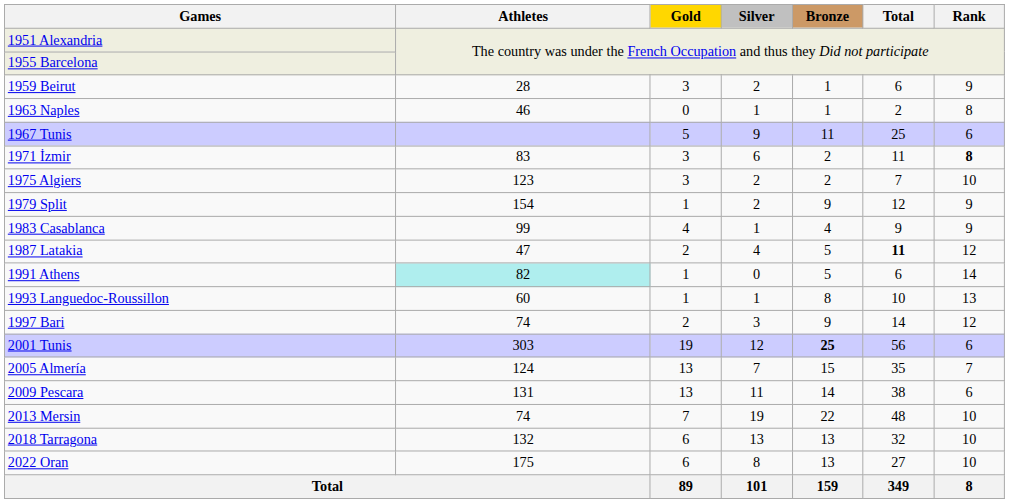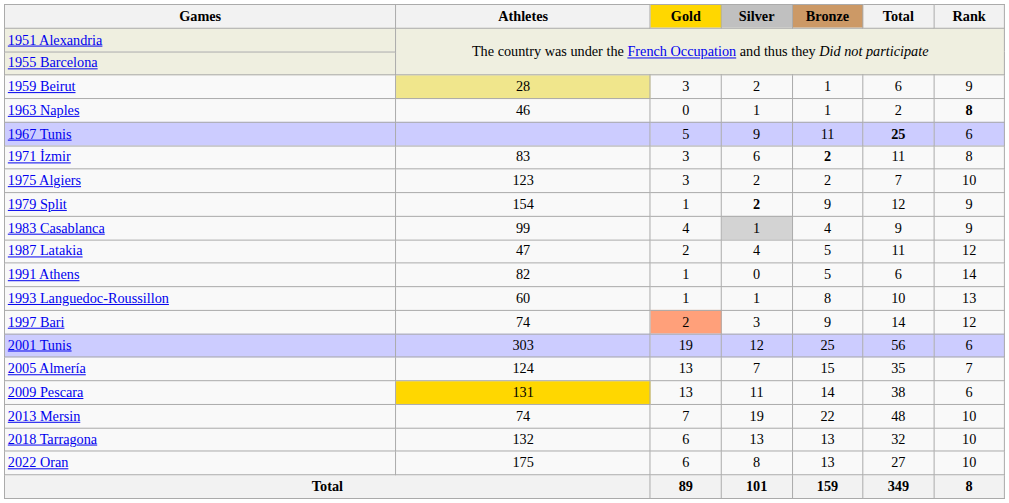 <table class="wikitable" width=80% style="font-size:90%; text-align:center;">
 <tr>
 <th>Games</th>
 <th>Athletes</th>
 <td style="background:gold; width:4.5em; font-weight:bold;">Gold</td>
 <td style="background:silver; width:4.5em; font-weight:bold;">Silver</td>
 <td style="background:#cc9966; width:4.5em; font-weight:bold;">Bronze</td>
 <th style="width:4.5em; font-weight:bold;">Total</th>
 <th style="width:4.5em; font-weight:bold;">Rank</th>
 </tr>
 <tr bgcolor="efefe">
 <td align=left><a href='#'>1951 Alexandria</a></td>
 <td colspan=6; rowspan=2>The country was under the <a href='#'>French Occupation</a> and thus they <em>Did not participate</em></td>
 </tr>
 <tr bgcolor="efefe">
 <td align=left><a href='#'>1955 Barcelona</a></td>
 </tr>
 <tr>
 <td align=left><a href='#'>1959 Beirut</a></td>
-<td>28</td>
+<td style="background: khaki;">28</td>
 <td>3</td>
 <td>2</td>
 <td>1</td>
 <td>6</td>
 <td>9</td>
 </tr>
 <tr>
 <td align=left><a href='#'>1963 Naples</a></td>
 <td>46</td>
 <td>0</td>
 <td>1</td>
 <td>1</td>
 <td>2</td>
-<td>8</td>
+<td><strong>8</strong></td>
 </tr>
 <tr style="background:#ccccff">
 <td align=left><a href='#'>1967 Tunis</a></td>
 <td></td>
 <td>5</td>
 <td>9</td>
 <td>11</td>
-<td>25</td>
+<td><strong>25</strong></td>
 <td>6</td>
 </tr>
 <tr>
 <td align=left><a href='#'>1971 İzmir</a></td>
 <td>83</td>
 <td>3</td>
 <td>6</td>
-<td>2</td>
+<td><strong>2</strong></td>
 <td>11</td>
-<td><strong>8</strong></td>
+<td>8</td>
 </tr>
 <tr>
 <td align=left><a href='#'>1975 Algiers</a></td>
 <td>123</td>
 <td>3</td>
 <td>2</td>
 <td>2</td>
 <td>7</td>
 <td>10</td>
 </tr>
 <tr>
 <td align=left><a href='#'>1979 Split</a></td>
 <td>154</td>
 <td>1</td>
-<td>2</td>
+<td><strong>2</strong></td>
 <td>9</td>
 <td>12</td>
 <td>9</td>
 </tr>
 <tr>
 <td align=left><a href='#'>1983 Casablanca</a></td>
 <td>99</td>
 <td>4</td>
-<td>1</td>
+<td style="background: lightgrey;">1</td>
 <td>4</td>
 <td>9</td>
 <td>9</td>
 </tr>
 <tr>
 <td align=left><a href='#'>1987 Latakia</a></td>
 <td>47</td>
 <td>2</td>
 <td>4</td>
 <td>5</td>
-<td><strong>11</strong></td>
+<td>11</td>
 <td>12</td>
 </tr>
 <tr>
 <td align=left><a href='#'>1991 Athens</a></td>
-<td style="background: paleturquoise;">82</td>
+<td>82</td>
 <td>1</td>
 <td>0</td>
 <td>5</td>
 <td>6</td>
 <td>14</td>
 </tr>
 <tr>
 <td align=left><a href='#'>1993 Languedoc-Roussillon</a></td>
 <td>60</td>
 <td>1</td>
 <td>1</td>
 <td>8</td>
 <td>10</td>
 <td>13</td>
 </tr>
 <tr>
 <td align=left><a href='#'>1997 Bari</a></td>
 <td>74</td>
-<td>2</td>
+<td style="background: lightsalmon;">2</td>
 <td>3</td>
 <td>9</td>
 <td>14</td>
 <td>12</td>
 </tr>
 <tr style="background:#ccccff">
 <td align=left><a href='#'>2001 Tunis</a></td>
 <td>303</td>
 <td>19</td>
 <td>12</td>
-<td><strong>25</strong></td>
+<td>25</td>
 <td>56</td>
 <td>6</td>
 </tr>
 <tr>
 <td align=left><a href='#'>2005 Almería</a></td>
 <td>124</td>
 <td>13</td>
 <td>7</td>
 <td>15</td>
 <td>35</td>
 <td>7</td>
 </tr>
 <tr>
 <td align=left><a href='#'>2009 Pescara</a></td>
-<td>131</td>
+<td style="background: gold;">131</td>
 <td>13</td>
 <td>11</td>
 <td>14</td>
 <td>38</td>
 <td>6</td>
 </tr>
 <tr>
 <td align=left><a href='#'>2013 Mersin</a></td>
 <td>74</td>
 <td>7</td>
 <td>19</td>
 <td>22</td>
 <td>48</td>
 <td>10</td>
 </tr>
 <tr>
 <td align=left><a href='#'>2018 Tarragona</a></td>
 <td>132</td>
 <td>6</td>
 <td>13</td>
 <td>13</td>
 <td>32</td>
 <td>10</td>
 </tr>
 <tr>
 <td align=left><a href='#'>2022 Oran</a></td>
 <td>175</td>
 <td>6</td>
 <td>8</td>
 <td>13</td>
 <td>27</td>
 <td>10</td>
 </tr>
 <tr style="width:4em;">
 <th colspan=2>Total</th>
 <th>89</th>
 <th>101</th>
 <th>159</th>
 <th>349</th>
 <th>8</th>
 </tr>
 <tr class="sortbottom">
 </tr>
 </table>
